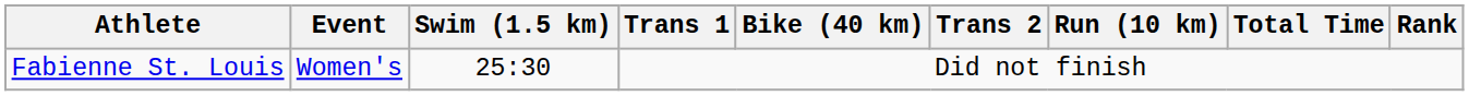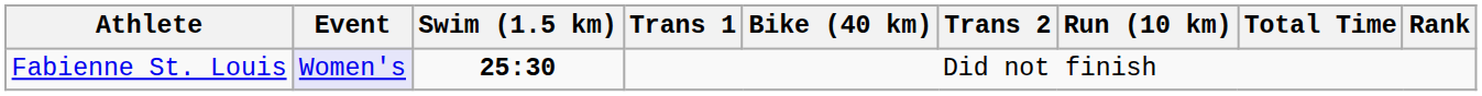 <table class="wikitable" style="font-size:90%">
 <tr>
 <th>Athlete</th>
 <th>Event</th>
 <th>Swim (1.5 km)</th>
 <th>Trans 1</th>
 <th>Bike (40 km)</th>
 <th>Trans 2</th>
 <th>Run (10 km)</th>
 <th>Total Time</th>
 <th>Rank</th>
 </tr>
 <tr align=center>
 <td align=left><a href='#'>Fabienne St. Louis</a></td>
-<td align=left><a href='#'>Women's</a></td>
-<td>25:30</td>
+<td align=left style="background: lavender;"><a href='#'>Women's</a></td>
+<td><strong>25:30</strong></td>
 <td colspan=6>Did not finish</td>
 </tr>
 </table>
